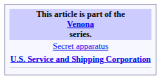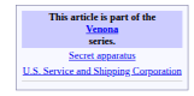 <table cellpadding="1" style="float: right; border: 1px solid #8888aa; background: #f7f8ff; padding: 5px; font-size: 85%; margin: 0 15px 0 15px;">
 <tr>
 <td style="background: #ccf; text-align: center;"><strong>This article is part of the</strong><br><strong><a href='#'>Venona</a></strong><br><strong>series.</strong></td>
 </tr>
 <tr>
 <td style="text-align: center;"><a href='#'>Secret apparatus</a></td>
 </tr>
 <tr>
-<td style="text-align: center;"><strong><a href='#'>U.S. Service and Shipping Corporation</a></strong></td>
+<td style="text-align: center;"><a href='#'>U.S. Service and Shipping Corporation</a></td>
 </tr>
 <tr>
 <td style="border-bottom: 1px solid #ccc"></td>
 </tr>
 <tr>
 <td style="text-align: center;"></td>
 </tr>
 </table>
